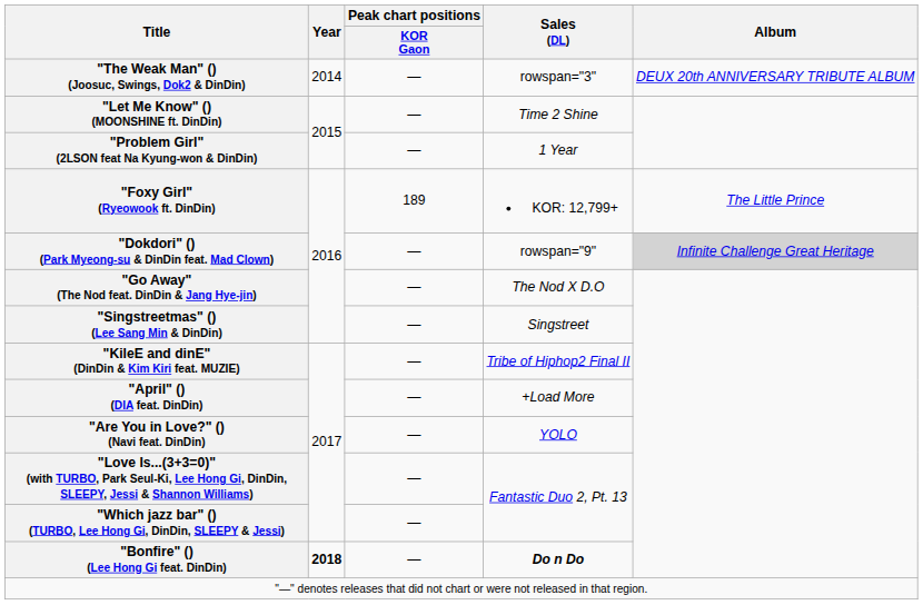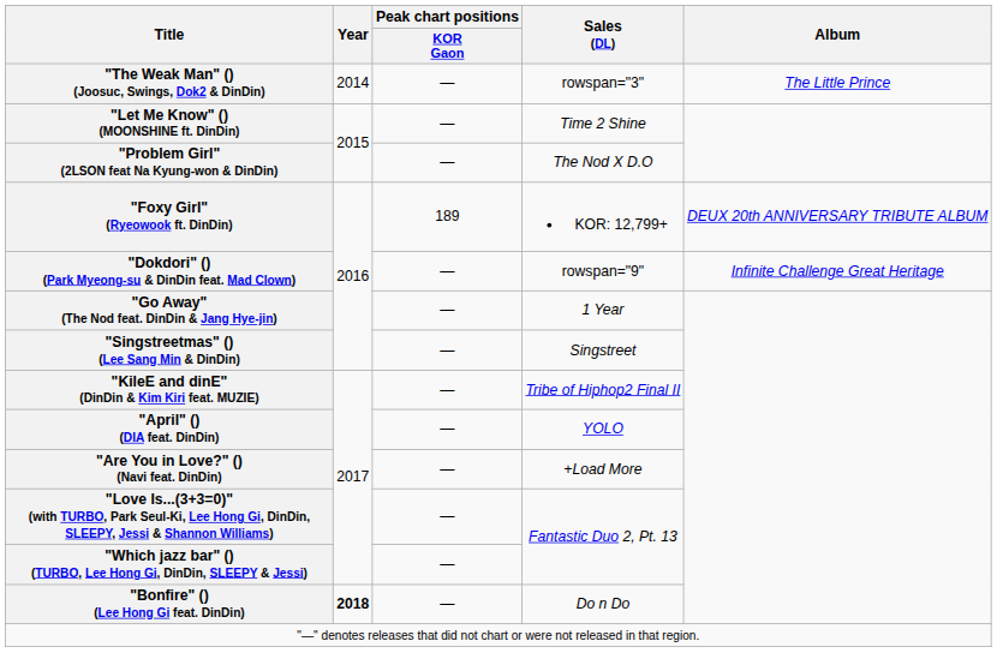 <table class="wikitable plainrowheaders" style="text-align:center;">
 <tr>
 <th rowspan="2" style="width:22em;">Title</th>
 <th rowspan="2">Year</th>
 <th>Peak chart positions</th>
 <th rowspan="2">Sales<br><small>(<a href='#'>DL</a>)</small></th>
 <th rowspan="2">Album</th>
 </tr>
 <tr>
 <th style="width=3em;font-size:90%"><a href='#'>KOR<br>Gaon</a><br></th>
 </tr>
 <tr>
 <th scope="row">"The Weak Man" ()<br><small>(Joosuc, Swings, <a href='#'>Dok2</a> & DinDin)</small></th>
 <td rowspan="1">2014</td>
 <td>—</td>
 <td>rowspan="3" </td>
-<td><em><a href='#'>DEUX 20th ANNIVERSARY TRIBUTE ALBUM</a></em></td>
+<td><em><a href='#'>The Little Prince</a></em></td>
 </tr>
 <tr>
 <th scope="row">"Let Me Know" ()<br><small>(MOONSHINE ft. DinDin)</small></th>
 <td rowspan="2">2015</td>
 <td>—</td>
 <td><em>Time 2 Shine</em></td>
 </tr>
 <tr>
 <th scope=row>"Problem Girl"<br><small>(2LSON feat Na Kyung-won & DinDin)</small></th>
 <td>—</td>
-<td><em>1 Year</em></td>
+<td><em>The Nod X D.O</em></td>
 </tr>
 <tr>
 <th scope="row">"Foxy Girl"<br><small>(<a href='#'>Ryeowook</a> ft. DinDin)</small></th>
 <td rowspan="4">2016</td>
 <td>189</td>
 <td><br><ul><li>KOR: 12,799+</li></ul></td>
-<td><em><a href='#'>The Little Prince</a></em></td>
+<td><em><a href='#'>DEUX 20th ANNIVERSARY TRIBUTE ALBUM</a></em></td>
 </tr>
 <tr>
 <th scope=row>"Dokdori" ()<br><small>(<a href='#'>Park Myeong-su</a> & DinDin feat. <a href='#'>Mad Clown</a>)</small></th>
 <td>—</td>
 <td>rowspan="9" </td>
-<td style="background: lightgrey;"><em><a href='#'>Infinite Challenge Great Heritage</a></em></td>
+<td><em><a href='#'>Infinite Challenge Great Heritage</a></em></td>
 </tr>
 <tr>
 <th scope="row">"Go Away"<br><small>(The Nod feat. DinDin & <a href='#'>Jang Hye-jin</a>)</small></th>
 <td>—</td>
-<td><em>The Nod X D.O</em></td>
+<td><em>1 Year</em></td>
 </tr>
 <tr>
 <th scope=row>"Singstreetmas" ()<br><small>(<a href='#'>Lee Sang Min</a> & DinDin)</small></th>
 <td>—</td>
 <td><em>Singstreet</em></td>
 </tr>
 <tr>
 <th scope="row">"KileE and dinE"<br><small>(DinDin & <a href='#'>Kim Kiri</a> feat. MUZIE)</small></th>
 <td rowspan="5">2017</td>
 <td>—</td>
 <td><em><a href='#'>Tribe of Hiphop2 Final II</a></em></td>
 </tr>
 <tr>
 <th scope=row>"April" ()<br><small>(<a href='#'>DIA</a> feat. DinDin)</small></th>
 <td>—</td>
-<td><em>+Load More</em></td>
+<td><em><a href='#'>YOLO</a></em></td>
 </tr>
 <tr>
 <th scope="row">"Are You in Love?" ()<br><small>(Navi feat. DinDin)</small></th>
 <td>—</td>
-<td><em><a href='#'>YOLO</a></em></td>
+<td><em>+Load More</em></td>
 </tr>
 <tr>
 <th scope=row>"Love Is...(3+3=0)" <br><small>(with <a href='#'>TURBO</a>, Park Seul-Ki, <a href='#'>Lee Hong Gi</a>, DinDin, <a href='#'>SLEEPY</a>, <a href='#'>Jessi</a> & <a href='#'>Shannon Williams</a>)</small></th>
 <td>—</td>
 <td rowspan="2"><em><a href='#'>Fantastic Duo</a> 2, Pt. 13</em></td>
 </tr>
 <tr>
 <th scope=row>"Which jazz bar" ()<br><small>(<a href='#'>TURBO</a>, <a href='#'>Lee Hong Gi</a>, DinDin, <a href='#'>SLEEPY</a> & <a href='#'>Jessi</a>)</small></th>
 <td>—</td>
 </tr>
 <tr>
 <th scope="row">"Bonfire" ()<br><small>(<a href='#'>Lee Hong Gi</a> feat. DinDin)</small></th>
 <td rowspan="1"><strong>2018</strong></td>
 <td>—</td>
-<td><strong><em>Do n Do</em></strong></td>
+<td><em>Do n Do</em></td>
 </tr>
 <tr>
 <td colspan="5"><small>"—" denotes releases that did not chart or were not released in that region.</small></td>
 </tr>
 </table>
